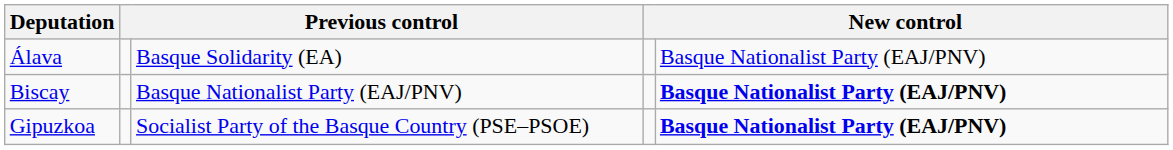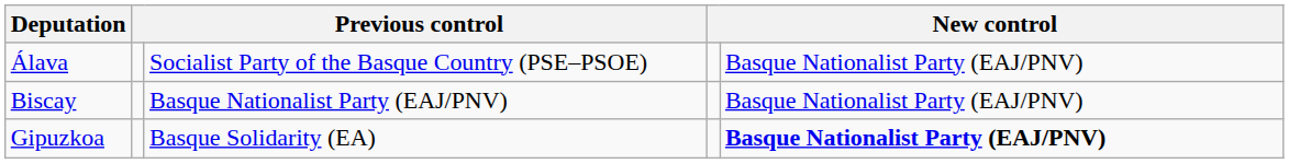 <table class="wikitable sortable">
 <tr>
 <th>Deputation</th>
 <th colspan="2" style="width:375px;">Previous control</th>
 <th colspan="2" style="width:375px;">New control</th>
 </tr>
 <tr>
 <td><a href='#'>Álava</a></td>
 <td width="1" style="color:inherit;background:"></td>
-<td><a href='#'>Basque Solidarity</a> (EA)</td>
+<td><a href='#'>Socialist Party of the Basque Country</a> (PSE–PSOE)</td>
 <td width="1" style="color:inherit;background:"></td>
 <td><a href='#'>Basque Nationalist Party</a> (EAJ/PNV)</td>
 </tr>
 <tr>
 <td><a href='#'>Biscay</a></td>
 <td style="color:inherit;background:"></td>
 <td><a href='#'>Basque Nationalist Party</a> (EAJ/PNV)</td>
 <td style="color:inherit;background:"></td>
-<td><strong><a href='#'>Basque Nationalist Party</a> (EAJ/PNV)</strong></td>
+<td><a href='#'>Basque Nationalist Party</a> (EAJ/PNV)</td>
 </tr>
 <tr>
 <td><a href='#'>Gipuzkoa</a></td>
 <td style="color:inherit;background:"></td>
-<td><a href='#'>Socialist Party of the Basque Country</a> (PSE–PSOE)</td>
+<td><a href='#'>Basque Solidarity</a> (EA)</td>
 <td style="color:inherit;background:"></td>
 <td><strong><a href='#'>Basque Nationalist Party</a> (EAJ/PNV)</strong></td>
 </tr>
 </table>
